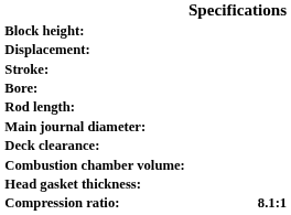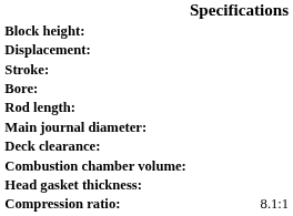 <table>
 <tr>
 <td></td>
 <th colspan=2><big>Specifications</big></th>
 </tr>
 <tr>
 <th align=left>Block height:</th>
 <td align=right></td>
 </tr>
 <tr>
 <th align=left>Displacement:</th>
 <td align=right></td>
 </tr>
 <tr>
 <th align=left>Stroke:</th>
 <td align=right></td>
 </tr>
 <tr>
 <th align=left>Bore:</th>
 <td align=right></td>
 </tr>
 <tr>
 <th align=left>Rod length:</th>
 <td align=right></td>
 </tr>
 <tr>
 <th align=left>Main journal diameter:</th>
 <td align=right></td>
 </tr>
 <tr>
 <th align=left>Deck clearance:</th>
 <td align=right></td>
 </tr>
 <tr>
 <th align=left>Combustion chamber volume:</th>
 <td align=right></td>
 </tr>
 <tr>
 <th align=left>Head gasket thickness:</th>
 <td align=right></td>
 </tr>
 <tr>
 <th align=left>Compression ratio:</th>
-<td align=right><strong>8.1:1</strong></td>
+<td align=right>8.1:1</td>
 </tr>
 </table>
